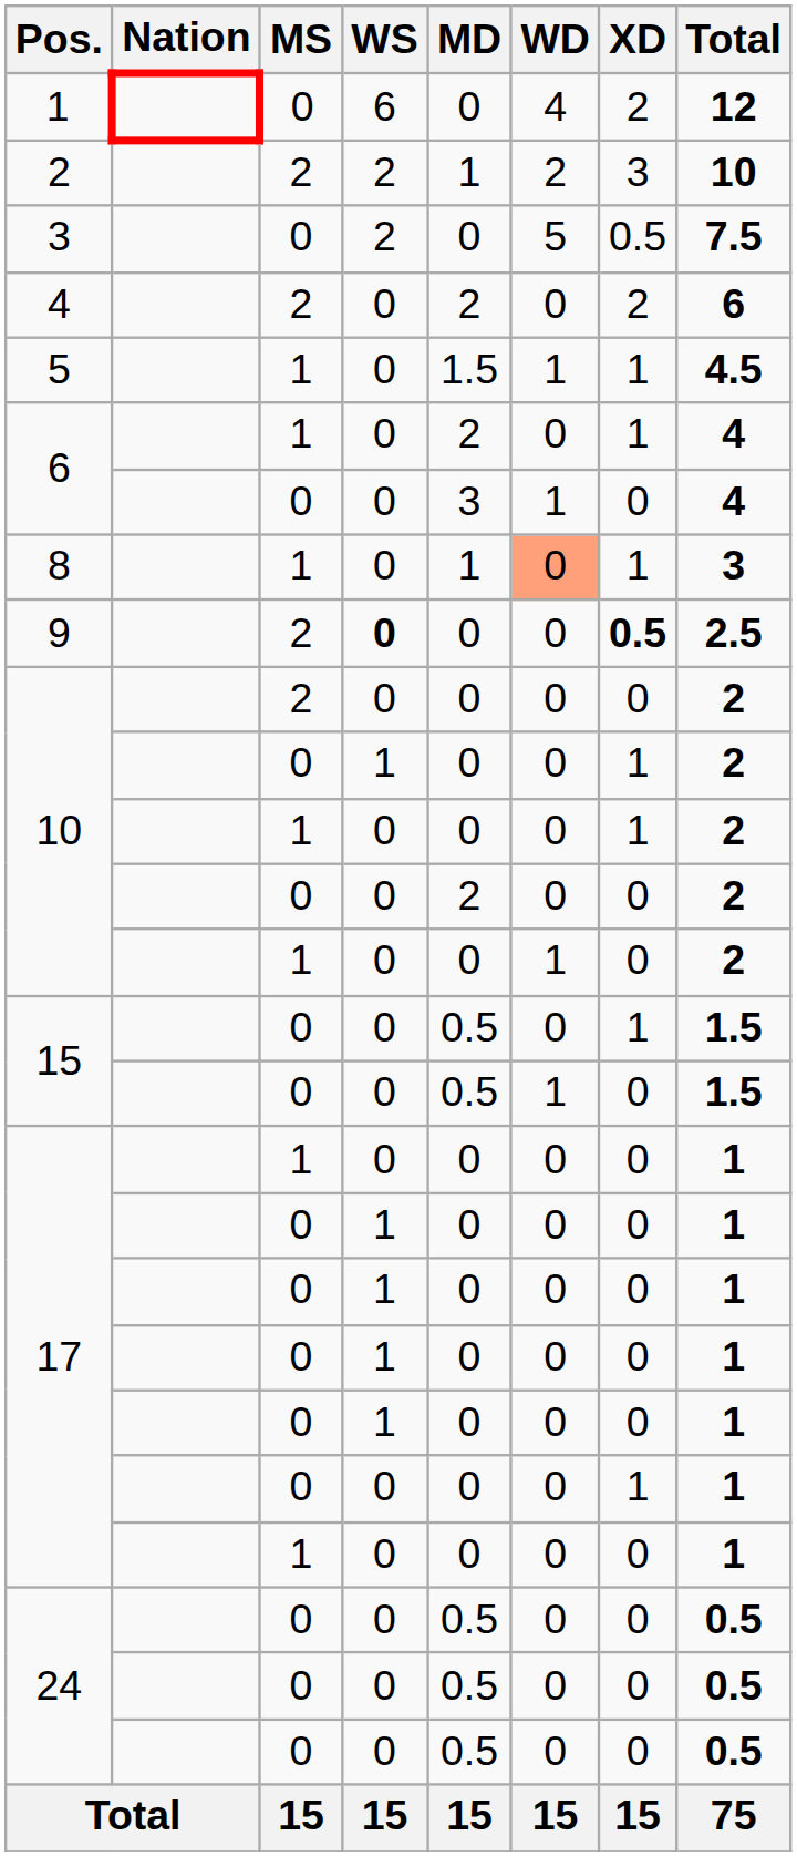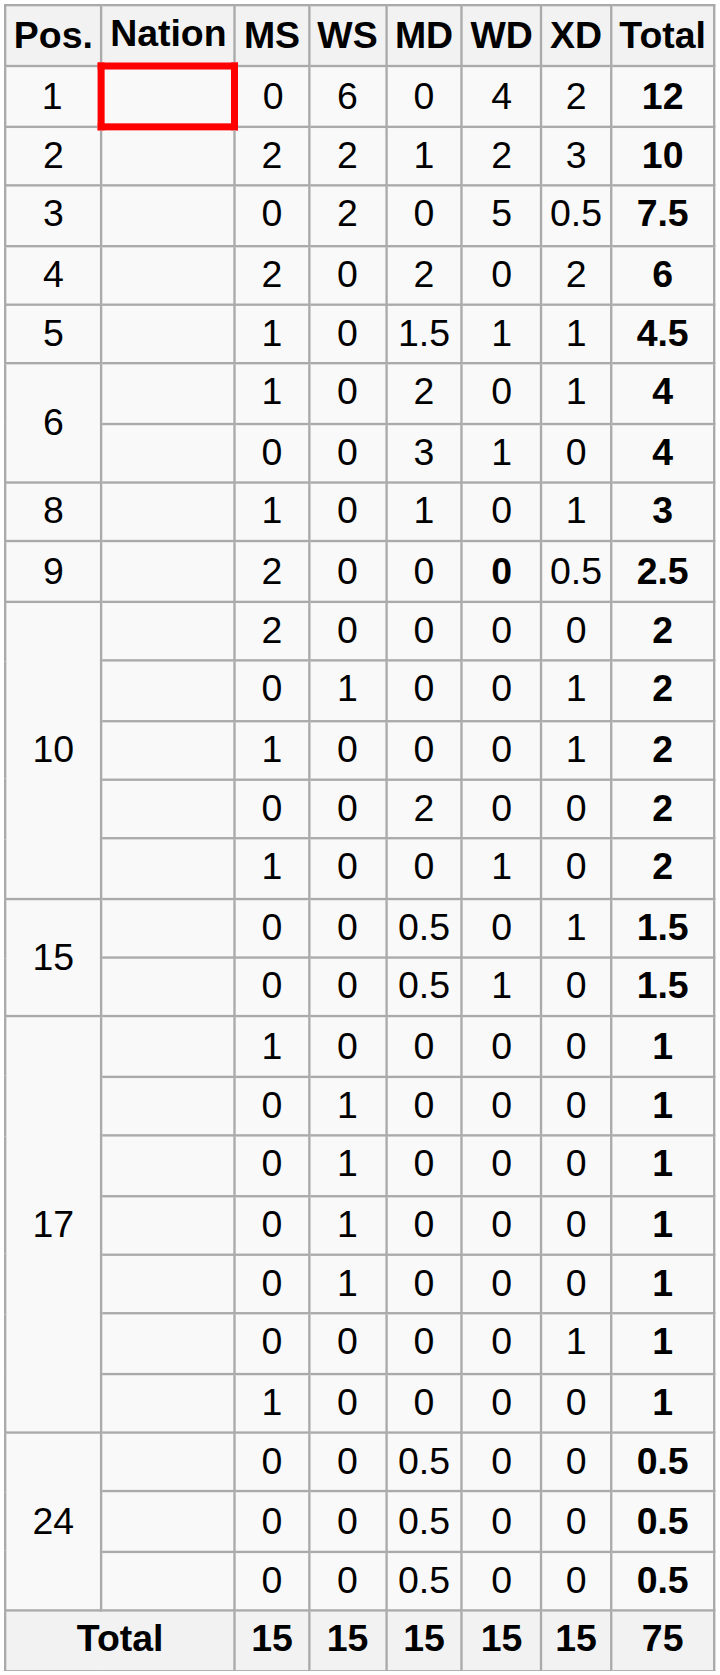 <table class="wikitable" style="text-align:center">
 <tr>
 <th>Pos.</th>
 <th>Nation</th>
 <th>MS</th>
 <th>WS</th>
 <th>MD</th>
 <th>WD</th>
 <th>XD</th>
 <th>Total</th>
 </tr>
 <tr>
 <td>1</td>
 <td align="left" style="border: 3px solid red"><strong></strong></td>
 <td>0</td>
 <td>6</td>
 <td>0</td>
 <td>4</td>
 <td>2</td>
 <td><strong>12</strong></td>
 </tr>
 <tr>
 <td>2</td>
 <td align="left"></td>
 <td>2</td>
 <td>2</td>
 <td>1</td>
 <td>2</td>
 <td>3</td>
 <td><strong>10</strong></td>
 </tr>
 <tr>
 <td>3</td>
 <td align="left"></td>
 <td>0</td>
 <td>2</td>
 <td>0</td>
 <td>5</td>
 <td>0.5</td>
 <td><strong>7.5</strong></td>
 </tr>
 <tr>
 <td>4</td>
 <td align="left"></td>
 <td>2</td>
 <td>0</td>
 <td>2</td>
 <td>0</td>
 <td>2</td>
 <td><strong>6</strong></td>
 </tr>
 <tr>
 <td>5</td>
 <td align="left"></td>
 <td>1</td>
 <td>0</td>
 <td>1.5</td>
 <td>1</td>
 <td>1</td>
 <td><strong>4.5</strong></td>
 </tr>
 <tr>
 <td rowspan="2">6</td>
 <td align="left"></td>
 <td>1</td>
 <td>0</td>
 <td>2</td>
 <td>0</td>
 <td>1</td>
 <td><strong>4</strong></td>
 </tr>
 <tr>
 <td align="left"></td>
 <td>0</td>
 <td>0</td>
 <td>3</td>
 <td>1</td>
 <td>0</td>
 <td><strong>4</strong></td>
 </tr>
 <tr>
 <td>8</td>
 <td align="left"></td>
 <td>1</td>
 <td>0</td>
 <td>1</td>
-<td style="background: lightsalmon;">0</td>
+<td>0</td>
 <td>1</td>
 <td><strong>3</strong></td>
 </tr>
 <tr>
 <td>9</td>
 <td align="left"></td>
 <td>2</td>
-<td><strong>0</strong></td>
 <td>0</td>
 <td>0</td>
-<td><strong>0.5</strong></td>
+<td><strong>0</strong></td>
+<td>0.5</td>
 <td><strong>2.5</strong></td>
 </tr>
 <tr>
 <td rowspan="5">10</td>
 <td align="left"></td>
 <td>2</td>
 <td>0</td>
 <td>0</td>
 <td>0</td>
 <td>0</td>
 <td><strong>2</strong></td>
 </tr>
 <tr>
 <td align="left"></td>
 <td>0</td>
 <td>1</td>
 <td>0</td>
 <td>0</td>
 <td>1</td>
 <td><strong>2</strong></td>
 </tr>
 <tr>
 <td align="left"></td>
 <td>1</td>
 <td>0</td>
 <td>0</td>
 <td>0</td>
 <td>1</td>
 <td><strong>2</strong></td>
 </tr>
 <tr>
 <td align="left"></td>
 <td>0</td>
 <td>0</td>
 <td>2</td>
 <td>0</td>
 <td>0</td>
 <td><strong>2</strong></td>
 </tr>
 <tr>
 <td align="left"></td>
 <td>1</td>
 <td>0</td>
 <td>0</td>
 <td>1</td>
 <td>0</td>
 <td><strong>2</strong></td>
 </tr>
 <tr>
 <td rowspan="2">15</td>
 <td align="left"></td>
 <td>0</td>
 <td>0</td>
 <td>0.5</td>
 <td>0</td>
 <td>1</td>
 <td><strong>1.5</strong></td>
 </tr>
 <tr>
 <td align="left"></td>
 <td>0</td>
 <td>0</td>
 <td>0.5</td>
 <td>1</td>
 <td>0</td>
 <td><strong>1.5</strong></td>
 </tr>
 <tr>
 <td rowspan="7">17</td>
 <td align="left"></td>
 <td>1</td>
 <td>0</td>
 <td>0</td>
 <td>0</td>
 <td>0</td>
 <td><strong>1</strong></td>
 </tr>
 <tr>
 <td align="left"></td>
 <td>0</td>
 <td>1</td>
 <td>0</td>
 <td>0</td>
 <td>0</td>
 <td><strong>1</strong></td>
 </tr>
 <tr>
 <td align="left"></td>
 <td>0</td>
 <td>1</td>
 <td>0</td>
 <td>0</td>
 <td>0</td>
 <td><strong>1</strong></td>
 </tr>
 <tr>
 <td align="left"></td>
 <td>0</td>
 <td>1</td>
 <td>0</td>
 <td>0</td>
 <td>0</td>
 <td><strong>1</strong></td>
 </tr>
 <tr>
 <td align="left"></td>
 <td>0</td>
 <td>1</td>
 <td>0</td>
 <td>0</td>
 <td>0</td>
 <td><strong>1</strong></td>
 </tr>
 <tr>
 <td align="left"></td>
 <td>0</td>
 <td>0</td>
 <td>0</td>
 <td>0</td>
 <td>1</td>
 <td><strong>1</strong></td>
 </tr>
 <tr>
 <td align="left"></td>
 <td>1</td>
 <td>0</td>
 <td>0</td>
 <td>0</td>
 <td>0</td>
 <td><strong>1</strong></td>
 </tr>
 <tr>
 <td rowspan="3">24</td>
 <td align="left"></td>
 <td>0</td>
 <td>0</td>
 <td>0.5</td>
 <td>0</td>
 <td>0</td>
 <td><strong>0.5</strong></td>
 </tr>
 <tr>
 <td align="left"></td>
 <td>0</td>
 <td>0</td>
 <td>0.5</td>
 <td>0</td>
 <td>0</td>
 <td><strong>0.5</strong></td>
 </tr>
 <tr>
 <td align="left"></td>
 <td>0</td>
 <td>0</td>
 <td>0.5</td>
 <td>0</td>
 <td>0</td>
 <td><strong>0.5</strong></td>
 </tr>
 <tr>
 <th colspan="2">Total</th>
 <th>15</th>
 <th>15</th>
 <th>15</th>
 <th>15</th>
 <th>15</th>
 <th>75</th>
 </tr>
 </table>
